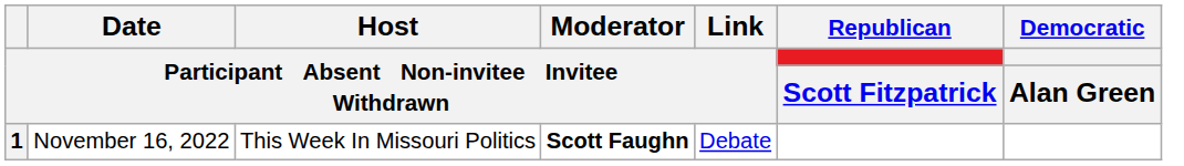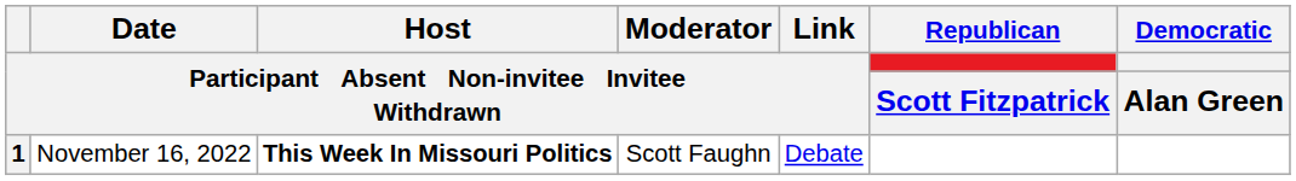 <table class="wikitable" style="text-align:center;">
 <tr>
 <th scope="col"></th>
 <th scope="col">Date</th>
 <th scope="col">Host</th>
 <th scope="col">Moderator</th>
 <th scope="col">Link</th>
 <th scope="col"><small><a href='#'>Republican</a></small></th>
 <th scope="col"><small><a href='#'>Democratic</a></small></th>
 </tr>
 <tr>
 <th colspan="5" rowspan="2"> <small>Participant  </small> <small>Absent  </small> <small>Non-invitee  </small> <small>Invitee</small><br><small> Withdrawn</small></th>
 <th scope="col" style="background:#E81B23;"></th>
 <th scope="col" style="background:"></th>
 </tr>
 <tr>
 <th scope="col"><a href='#'>Scott Fitzpatrick</a></th>
 <th scope="col">Alan Green</th>
 </tr>
 <tr style="background:#FFFFFF;font-size:small;">
 <th scope="row">1</th>
 <td style="white-space:nowrap;">November 16, 2022</td>
-<td style="white-space:nowrap;">This Week In Missouri Politics</td>
-<td style="white-space:nowrap;"><strong>Scott Faughn</strong></td>
+<td style="white-space:nowrap;"><strong>This Week In Missouri Politics</strong></td>
+<td style="white-space:nowrap;">Scott Faughn</td>
 <td style="white-space:nowrap;"><a href='#'>Debate</a></td>
 <td></td>
 <td></td>
 </tr>
 </table>
